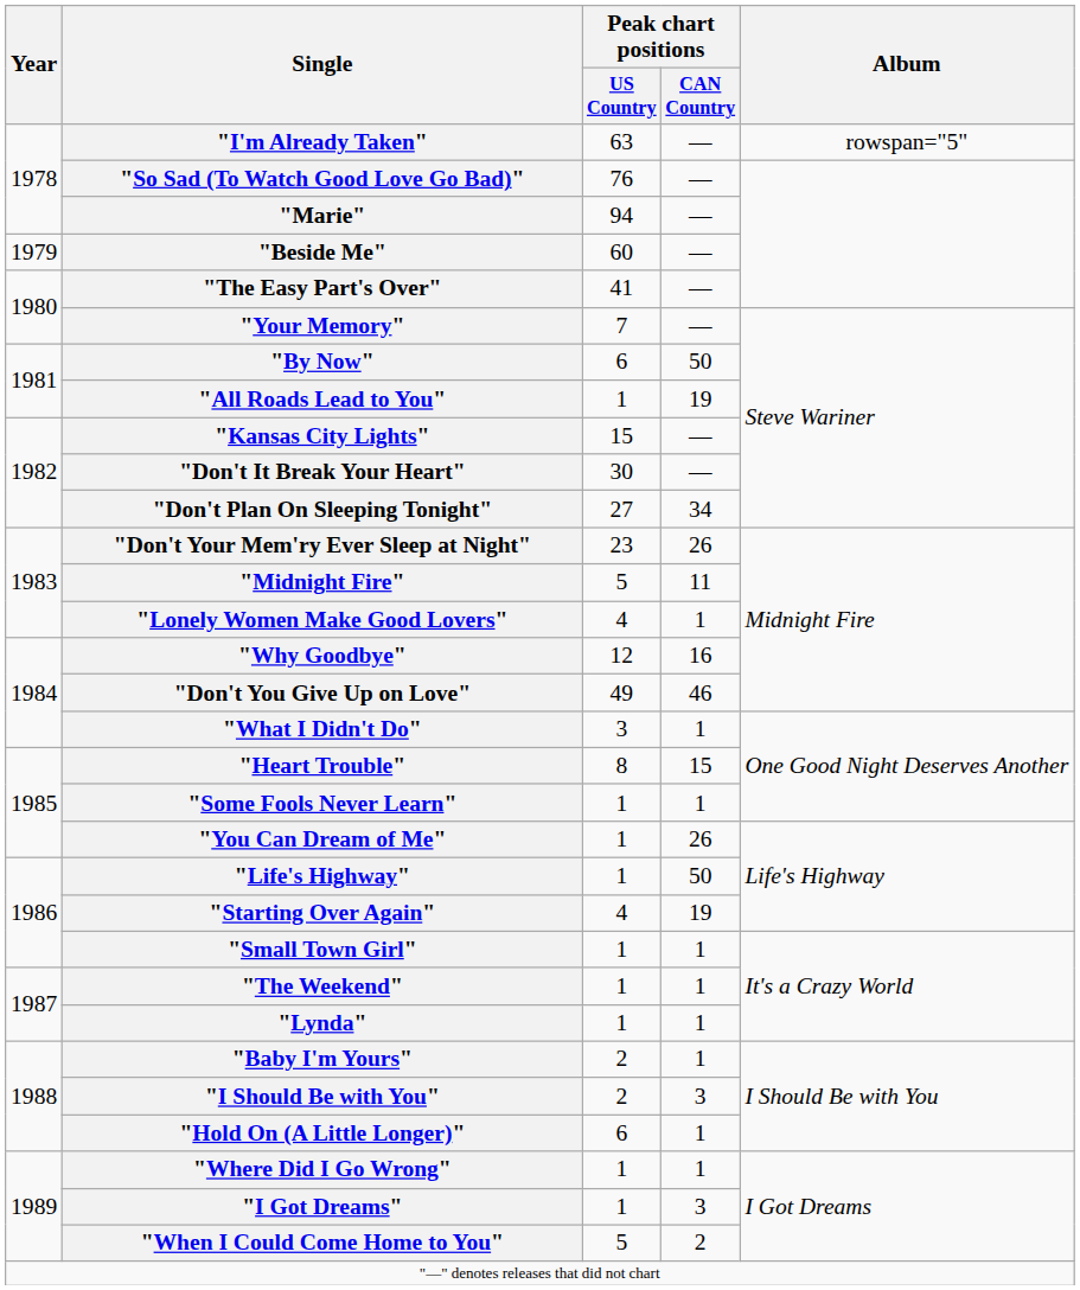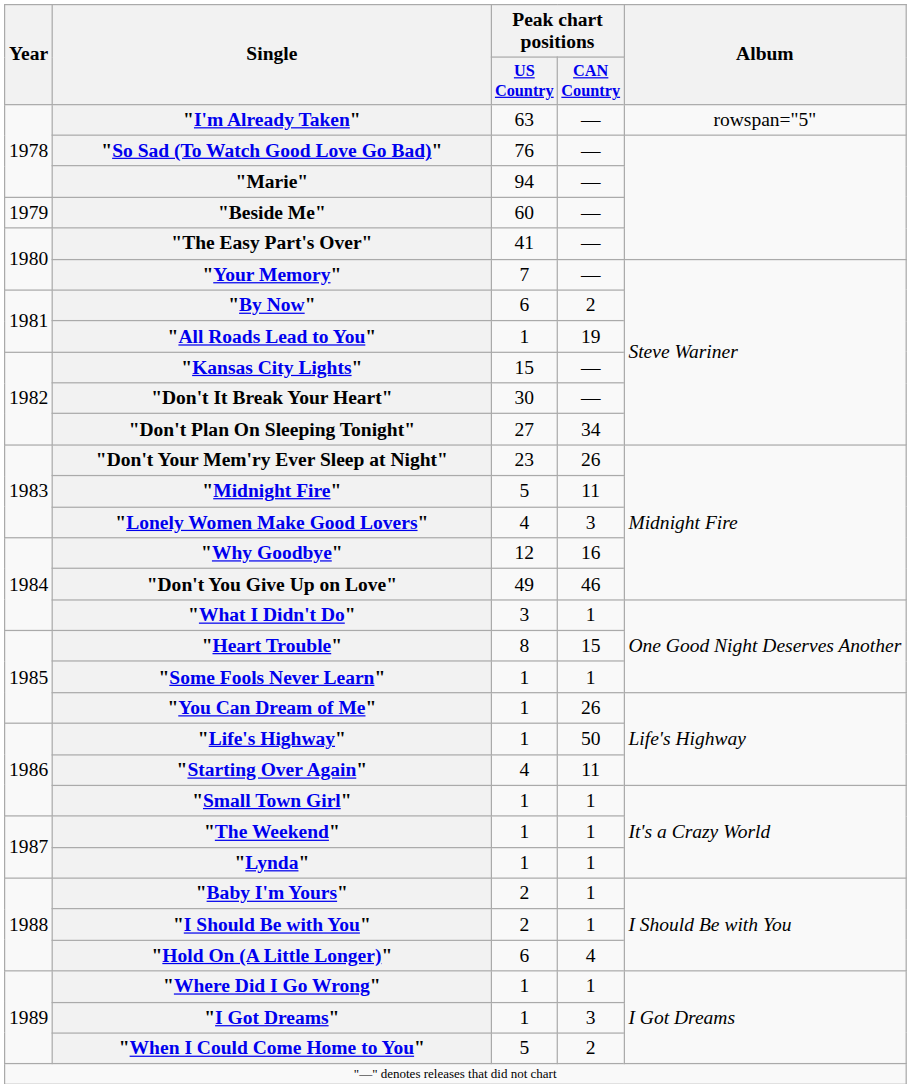 <table class="wikitable plainrowheaders" style="text-align:center;">
 <tr>
 <th rowspan="2">Year</th>
 <th rowspan="2" style="width:22em;">Single</th>
 <th colspan="2">Peak chart<br>positions</th>
 <th rowspan="2">Album</th>
 </tr>
 <tr style="font-size:smaller;">
 <th width="45"><a href='#'>US Country</a><br></th>
 <th width="45"><a href='#'>CAN Country</a></th>
 </tr>
 <tr>
 <td rowspan="3">1978</td>
 <th scope="row">"<a href='#'>I'm Already Taken</a>"</th>
 <td>63</td>
 <td>—</td>
 <td>rowspan="5" </td>
 </tr>
 <tr>
 <th scope="row">"<a href='#'>So Sad (To Watch Good Love Go Bad)</a>"</th>
 <td>76</td>
 <td>—</td>
 </tr>
 <tr>
 <th scope="row">"Marie"</th>
 <td>94</td>
 <td>—</td>
 </tr>
 <tr>
 <td>1979</td>
 <th scope="row">"Beside Me"</th>
 <td>60</td>
 <td>—</td>
 </tr>
 <tr>
 <td rowspan="2">1980</td>
 <th scope="row">"The Easy Part's Over"</th>
 <td>41</td>
 <td>—</td>
 </tr>
 <tr>
 <th scope="row">"<a href='#'>Your Memory</a>"</th>
 <td>7</td>
 <td>—</td>
 <td align="left" rowspan="6"><em>Steve Wariner</em></td>
 </tr>
 <tr>
 <td rowspan="2">1981</td>
 <th scope="row">"<a href='#'>By Now</a>"</th>
 <td>6</td>
-<td>50</td>
+<td>2</td>
 </tr>
 <tr>
 <th scope="row">"<a href='#'>All Roads Lead to You</a>"</th>
 <td>1</td>
 <td>19</td>
 </tr>
 <tr>
 <td rowspan="3">1982</td>
 <th scope="row">"<a href='#'>Kansas City Lights</a>"</th>
 <td>15</td>
 <td>—</td>
 </tr>
 <tr>
 <th scope="row">"Don't It Break Your Heart"</th>
 <td>30</td>
 <td>—</td>
 </tr>
 <tr>
 <th scope="row">"Don't Plan On Sleeping Tonight"</th>
 <td>27</td>
 <td>34</td>
 </tr>
 <tr>
 <td rowspan="3">1983</td>
 <th scope="row">"Don't Your Mem'ry Ever Sleep at Night"</th>
 <td>23</td>
 <td>26</td>
 <td align="left" rowspan="5"><em>Midnight Fire</em></td>
 </tr>
 <tr>
 <th scope="row">"<a href='#'>Midnight Fire</a>"</th>
 <td>5</td>
 <td>11</td>
 </tr>
 <tr>
 <th scope="row">"<a href='#'>Lonely Women Make Good Lovers</a>"</th>
 <td>4</td>
-<td>1</td>
+<td>3</td>
 </tr>
 <tr>
 <td rowspan="3">1984</td>
 <th scope="row">"<a href='#'>Why Goodbye</a>"</th>
 <td>12</td>
 <td>16</td>
 </tr>
 <tr>
 <th scope="row">"Don't You Give Up on Love"</th>
 <td>49</td>
 <td>46</td>
 </tr>
 <tr>
 <th scope="row">"<a href='#'>What I Didn't Do</a>"</th>
 <td>3</td>
 <td>1</td>
 <td rowspan=3><em>One Good Night Deserves Another</em></td>
 </tr>
 <tr>
 <td rowspan=3>1985</td>
 <th scope="row">"<a href='#'>Heart Trouble</a>"</th>
 <td>8</td>
 <td>15</td>
 </tr>
 <tr>
 <th scope="row">"<a href='#'>Some Fools Never Learn</a>"</th>
 <td>1</td>
 <td>1</td>
 </tr>
 <tr>
 <th scope="row">"<a href='#'>You Can Dream of Me</a>"</th>
 <td>1</td>
 <td>26</td>
 <td align="left" rowspan="3"><em>Life's Highway</em></td>
 </tr>
 <tr>
 <td rowspan="3">1986</td>
 <th scope="row">"<a href='#'>Life's Highway</a>"</th>
 <td>1</td>
 <td>50</td>
 </tr>
 <tr>
 <th scope="row">"<a href='#'>Starting Over Again</a>"</th>
 <td>4</td>
-<td>19</td>
+<td>11</td>
 </tr>
 <tr>
 <th scope="row">"<a href='#'>Small Town Girl</a>"</th>
 <td>1</td>
 <td>1</td>
 <td align="left" rowspan="3"><em>It's a Crazy World</em></td>
 </tr>
 <tr>
 <td rowspan="2">1987</td>
 <th scope="row">"<a href='#'>The Weekend</a>"</th>
 <td>1</td>
 <td>1</td>
 </tr>
 <tr>
 <th scope="row">"<a href='#'>Lynda</a>"</th>
 <td>1</td>
 <td>1</td>
 </tr>
 <tr>
 <td rowspan="3">1988</td>
 <th scope="row">"<a href='#'>Baby I'm Yours</a>"</th>
 <td>2</td>
 <td>1</td>
 <td align="left" rowspan="3"><em>I Should Be with You</em></td>
 </tr>
 <tr>
 <th scope="row">"<a href='#'>I Should Be with You</a>"</th>
 <td>2</td>
-<td>3</td>
+<td>1</td>
 </tr>
 <tr>
 <th scope="row">"<a href='#'>Hold On (A Little Longer)</a>"</th>
 <td>6</td>
-<td>1</td>
+<td>4</td>
 </tr>
 <tr>
 <td rowspan="3">1989</td>
 <th scope="row">"<a href='#'>Where Did I Go Wrong</a>"</th>
 <td>1</td>
 <td>1</td>
 <td align="left" rowspan="3"><em>I Got Dreams</em></td>
 </tr>
 <tr>
 <th scope="row">"<a href='#'>I Got Dreams</a>"</th>
 <td>1</td>
 <td>3</td>
 </tr>
 <tr>
 <th scope="row">"<a href='#'>When I Could Come Home to You</a>"</th>
 <td>5</td>
 <td>2</td>
 </tr>
 <tr>
 <td colspan="5" style="font-size:8pt">"—" denotes releases that did not chart</td>
 </tr>
 </table>
